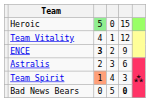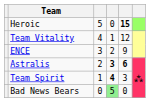 <table class="wikitable plainrowheaders" style="text-align:center;">
 <tr>
 <th scope="col"></th>
 <th scope="col" style="width:10em;">Team</th>
 <th scope="col" style="width:1em;"></th>
 <th scope="col" style="width:1em;"></th>
 <th scope="col" style="width:1em;"></th>
 <th scope=col class="unsortable"></th>
 </tr>
 <tr>
 <th scope="row"></th>
 <td style="text-align: left;">Heroic</td>
-<td style="background: lightgreen;">5</td>
+<td>5</td>
 <td>0</td>
-<td>15</td>
+<td><strong>15</strong></td>
 <td style="background:#99FF66;"></td>
 </tr>
 <tr>
 <th scope="row"></th>
 <td style="text-align: left;"><a href='#'>Team Vitality</a></td>
 <td>4</td>
 <td>1</td>
 <td>12</td>
 <td rowspan="2" style="background:#ff9;"></td>
 </tr>
 <tr>
 <th scope="row"></th>
 <td style="text-align: left;"><a href='#'>ENCE</a></td>
-<td><strong>3</strong></td>
+<td>3</td>
 <td>2</td>
 <td>9</td>
 </tr>
 <tr>
 <th scope="row"></th>
 <td style="text-align: left;"><a href='#'>Astralis</a></td>
 <td>2</td>
-<td>3</td>
-<td>6</td>
+<td><strong>3</strong></td>
+<td><strong>6</strong></td>
 <td rowspan="3" style="background:#FF3366;">⁂</td>
 </tr>
 <tr>
 <th scope="row"></th>
 <td style="text-align: left;"><a href='#'>Team Spirit</a></td>
-<td style="background: lightsalmon;">1</td>
-<td>4</td>
+<td>1</td>
+<td><strong>4</strong></td>
 <td>3</td>
 </tr>
 <tr>
 <th scope="row"></th>
 <td style="text-align: left;">Bad News Bears</td>
 <td>0</td>
-<td>5</td>
-<td><strong>0</strong></td>
+<td style="background: lightgreen;">5</td>
+<td>0</td>
 </tr>
 </table>
